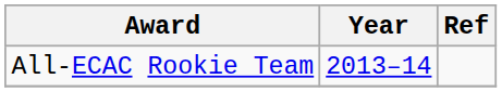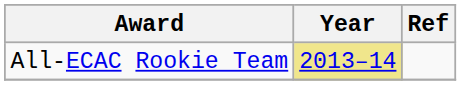 <table class="wikitable">
 <tr>
 <th>Award</th>
 <th>Year</th>
 <th>Ref</th>
 </tr>
 <tr>
 <td>All-<a href='#'>ECAC</a> <a href='#'>Rookie Team</a></td>
-<td><a href='#'>2013–14</a></td>
+<td style="background: khaki;"><a href='#'>2013–14</a></td>
 <td></td>
 </tr>
 <tr>
 </tr>
 </table>
